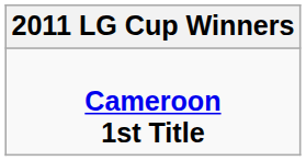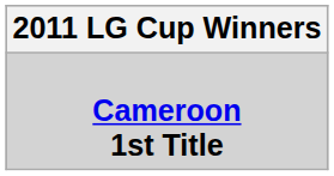 <table class="wikitable" style="text-align: center; margin: 0 auto;">
 <tr>
 <th>2011 LG Cup Winners</th>
 </tr>
 <tr>
-<td><br><strong><a href='#'>Cameroon</a></strong><br><strong>1st Title</strong></td>
+<td style="background: lightgrey;"><br><strong><a href='#'>Cameroon</a></strong><br><strong>1st Title</strong></td>
 </tr>
 </table>
